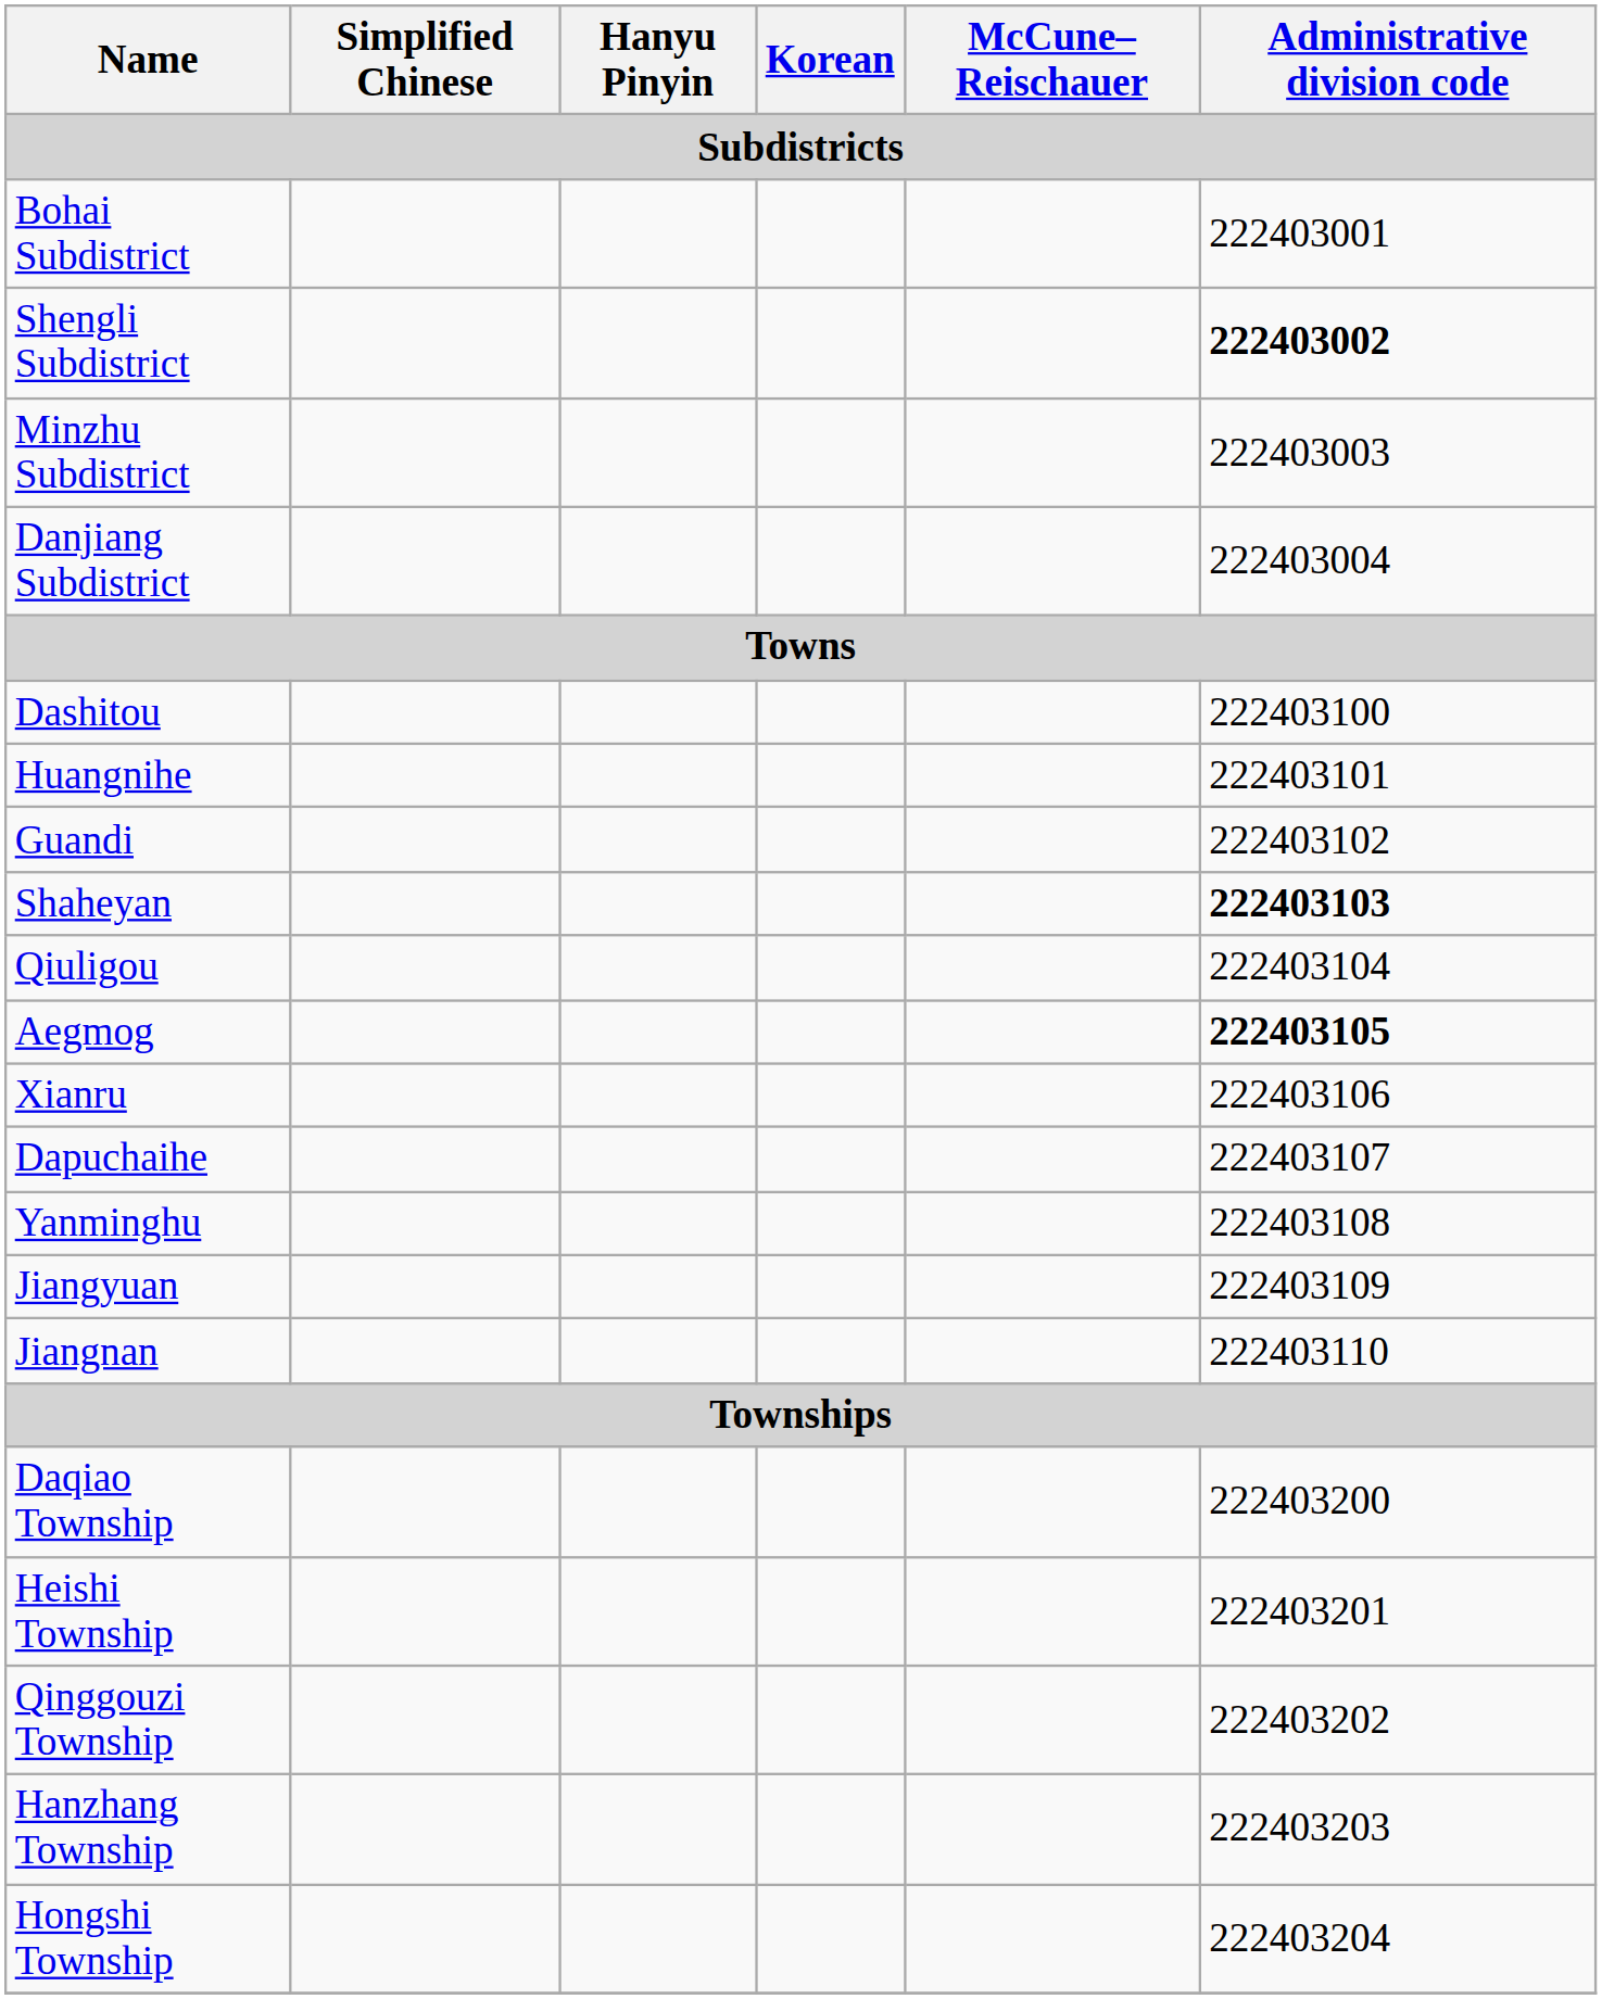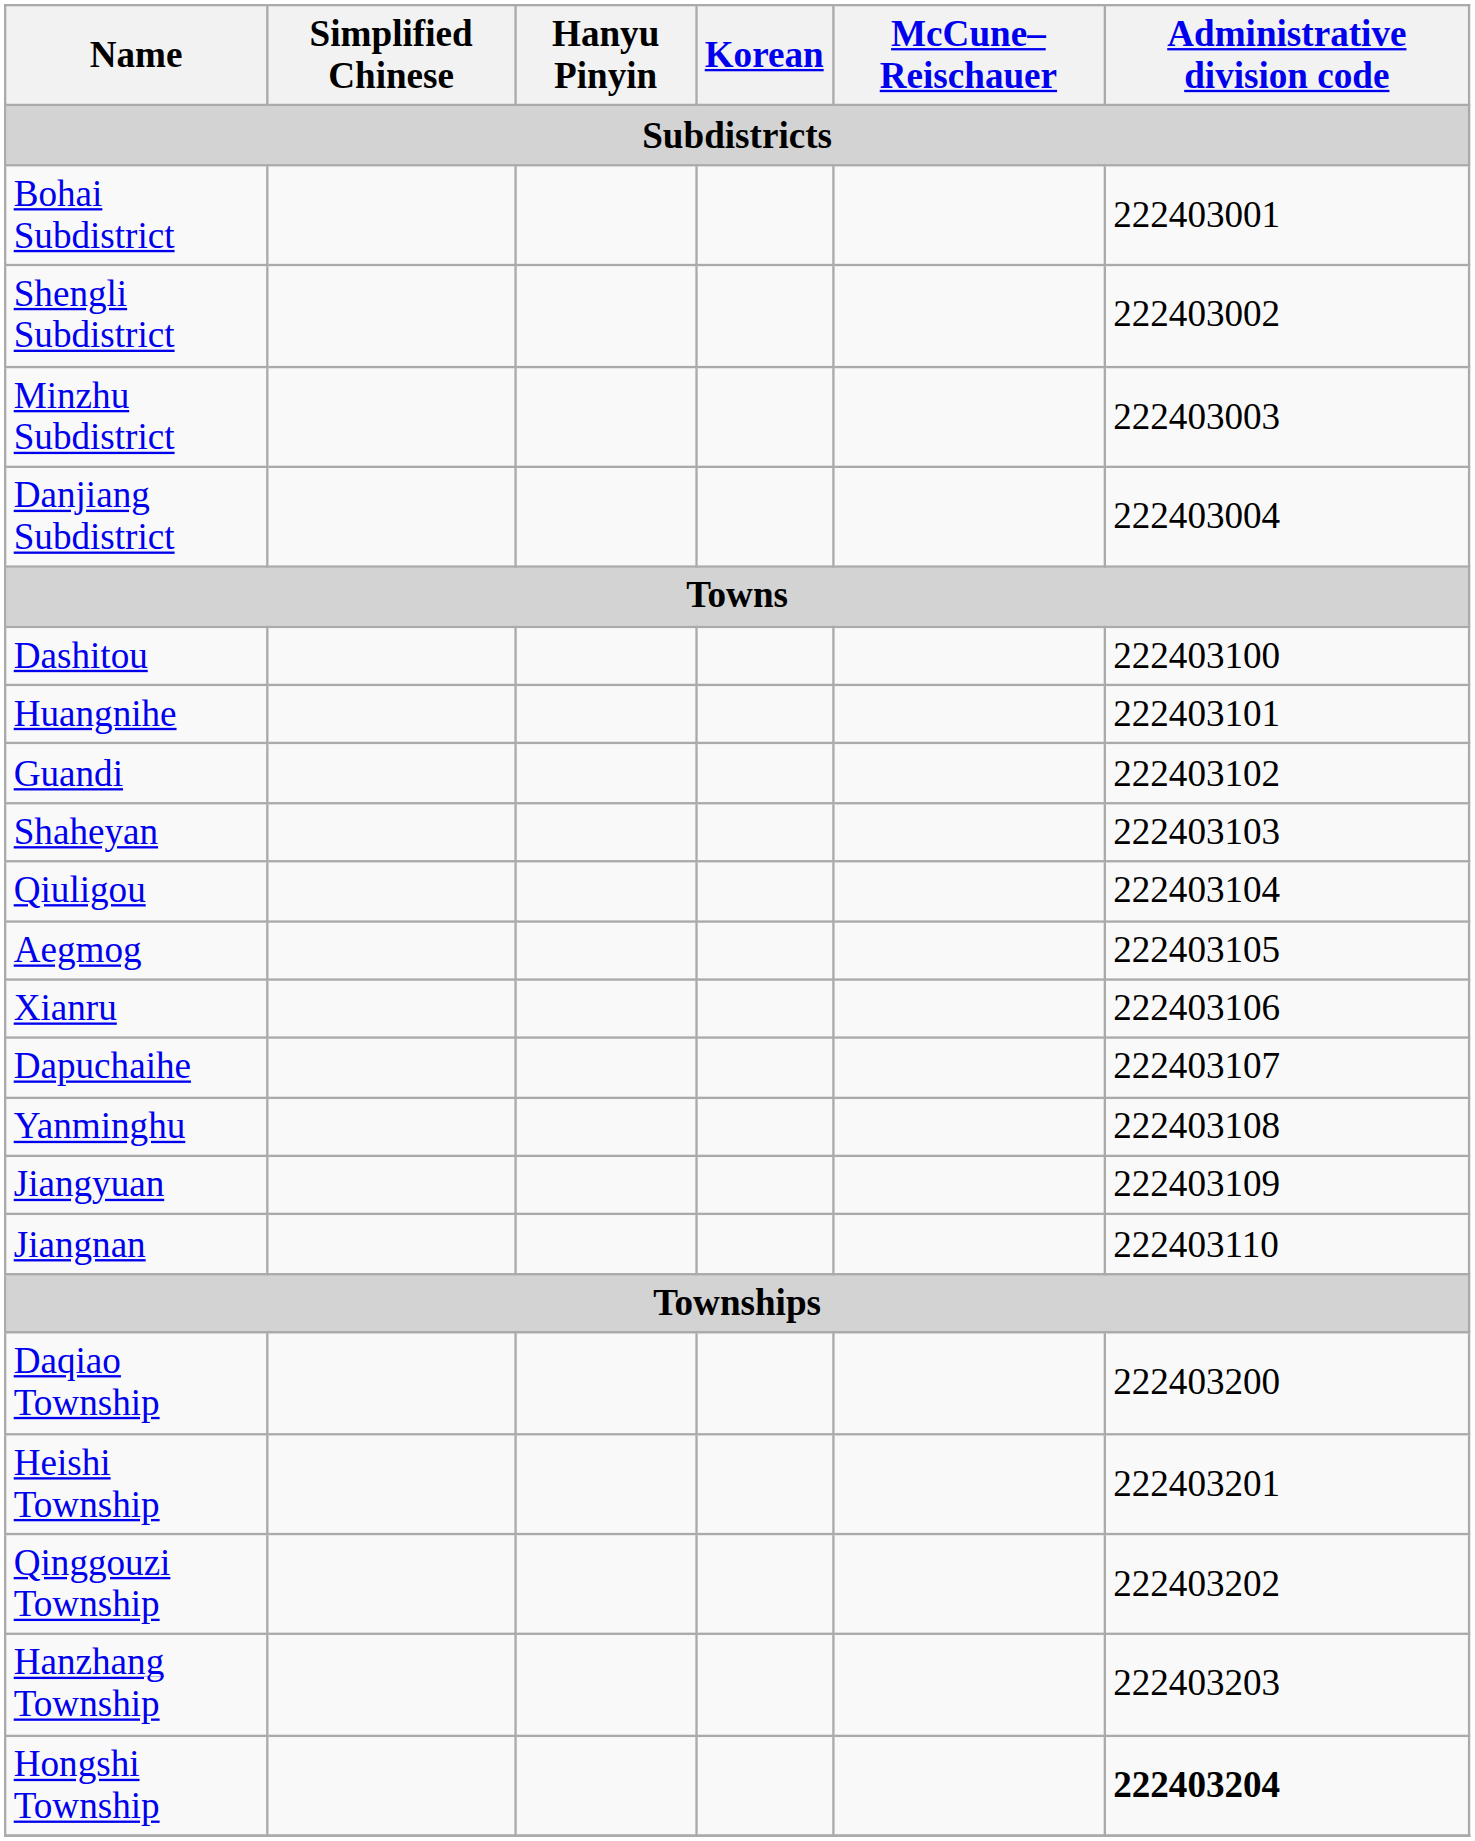 <table class="wikitable" align="center" style="width:50%; border="1">
 <tr>
 <th>Name</th>
 <th>Simplified Chinese</th>
 <th>Hanyu Pinyin</th>
 <th><a href='#'>Korean</a></th>
 <th><a href='#'>McCune–Reischauer</a></th>
 <th><a href='#'>Administrative division code</a></th>
 </tr>
 <tr>
 <td colspan="7"  style="text-align:center; background:#d3d3d3;"><strong>Subdistricts</strong></td>
 </tr>
 <tr --------->
 <td><a href='#'>Bohai Subdistrict</a></td>
 <td></td>
 <td></td>
 <td></td>
 <td></td>
 <td>222403001</td>
 </tr>
 <tr>
 <td><a href='#'>Shengli Subdistrict</a></td>
 <td></td>
 <td></td>
 <td></td>
 <td></td>
-<td><strong>222403002</strong></td>
+<td>222403002</td>
 </tr>
 <tr>
 <td><a href='#'>Minzhu Subdistrict</a></td>
 <td></td>
 <td></td>
 <td></td>
 <td></td>
 <td>222403003</td>
 </tr>
 <tr>
 <td><a href='#'>Danjiang Subdistrict</a></td>
 <td></td>
 <td></td>
 <td></td>
 <td></td>
 <td>222403004</td>
 </tr>
 <tr>
 <td colspan="7"  style="text-align:center; background:#d3d3d3;"><strong>Towns</strong></td>
 </tr>
 <tr --------->
 <td><a href='#'>Dashitou</a></td>
 <td></td>
 <td></td>
 <td></td>
 <td></td>
 <td>222403100</td>
 </tr>
 <tr>
 <td><a href='#'>Huangnihe</a></td>
 <td></td>
 <td></td>
 <td></td>
 <td></td>
 <td>222403101</td>
 </tr>
 <tr>
 <td><a href='#'>Guandi</a></td>
 <td></td>
 <td></td>
 <td></td>
 <td></td>
 <td>222403102</td>
 </tr>
 <tr>
 <td><a href='#'>Shaheyan</a></td>
 <td></td>
 <td></td>
 <td></td>
 <td></td>
-<td><strong>222403103</strong></td>
+<td>222403103</td>
 </tr>
 <tr>
 <td><a href='#'>Qiuligou</a></td>
 <td></td>
 <td></td>
 <td></td>
 <td></td>
 <td>222403104</td>
 </tr>
 <tr>
 <td><a href='#'>Aegmog</a></td>
 <td></td>
 <td></td>
 <td></td>
 <td></td>
-<td><strong>222403105</strong></td>
+<td>222403105</td>
 </tr>
 <tr>
 <td><a href='#'>Xianru</a></td>
 <td></td>
 <td></td>
 <td></td>
 <td></td>
 <td>222403106</td>
 </tr>
 <tr>
 <td><a href='#'>Dapuchaihe</a></td>
 <td></td>
 <td></td>
 <td></td>
 <td></td>
 <td>222403107</td>
 </tr>
 <tr>
 <td><a href='#'>Yanminghu</a></td>
 <td></td>
 <td></td>
 <td></td>
 <td></td>
 <td>222403108</td>
 </tr>
 <tr>
 <td><a href='#'>Jiangyuan</a></td>
 <td></td>
 <td></td>
 <td></td>
 <td></td>
 <td>222403109</td>
 </tr>
 <tr>
 <td><a href='#'>Jiangnan</a></td>
 <td></td>
 <td></td>
 <td></td>
 <td></td>
 <td>222403110</td>
 </tr>
 <tr>
 <td colspan="7"  style="text-align:center; background:#d3d3d3;"><strong>Townships</strong></td>
 </tr>
 <tr --------->
 <td><a href='#'>Daqiao Township</a></td>
 <td></td>
 <td></td>
 <td></td>
 <td></td>
 <td>222403200</td>
 </tr>
 <tr>
 <td><a href='#'>Heishi Township</a></td>
 <td></td>
 <td></td>
 <td></td>
 <td></td>
 <td>222403201</td>
 </tr>
 <tr>
 <td><a href='#'>Qinggouzi Township</a></td>
 <td></td>
 <td></td>
 <td></td>
 <td></td>
 <td>222403202</td>
 </tr>
 <tr>
 <td><a href='#'>Hanzhang Township</a></td>
 <td></td>
 <td></td>
 <td></td>
 <td></td>
 <td>222403203</td>
 </tr>
 <tr>
 <td><a href='#'>Hongshi Township</a></td>
 <td></td>
 <td></td>
 <td></td>
 <td></td>
-<td>222403204</td>
+<td><strong>222403204</strong></td>
 </tr>
 <tr>
 </tr>
 </table>
